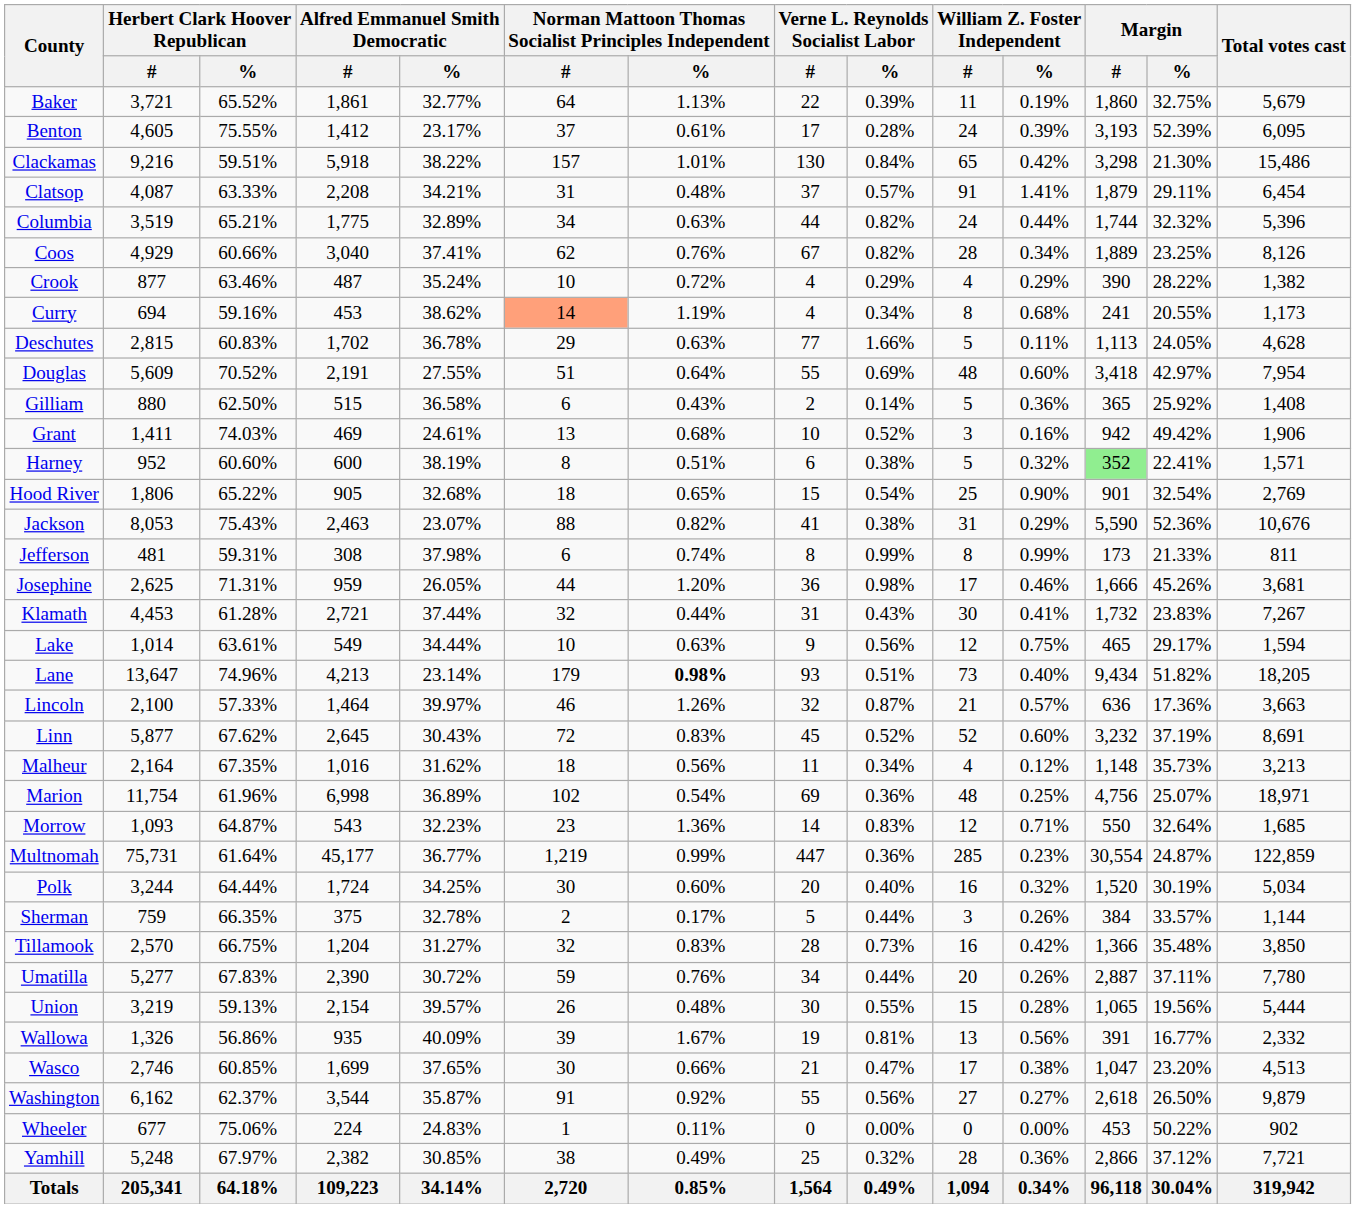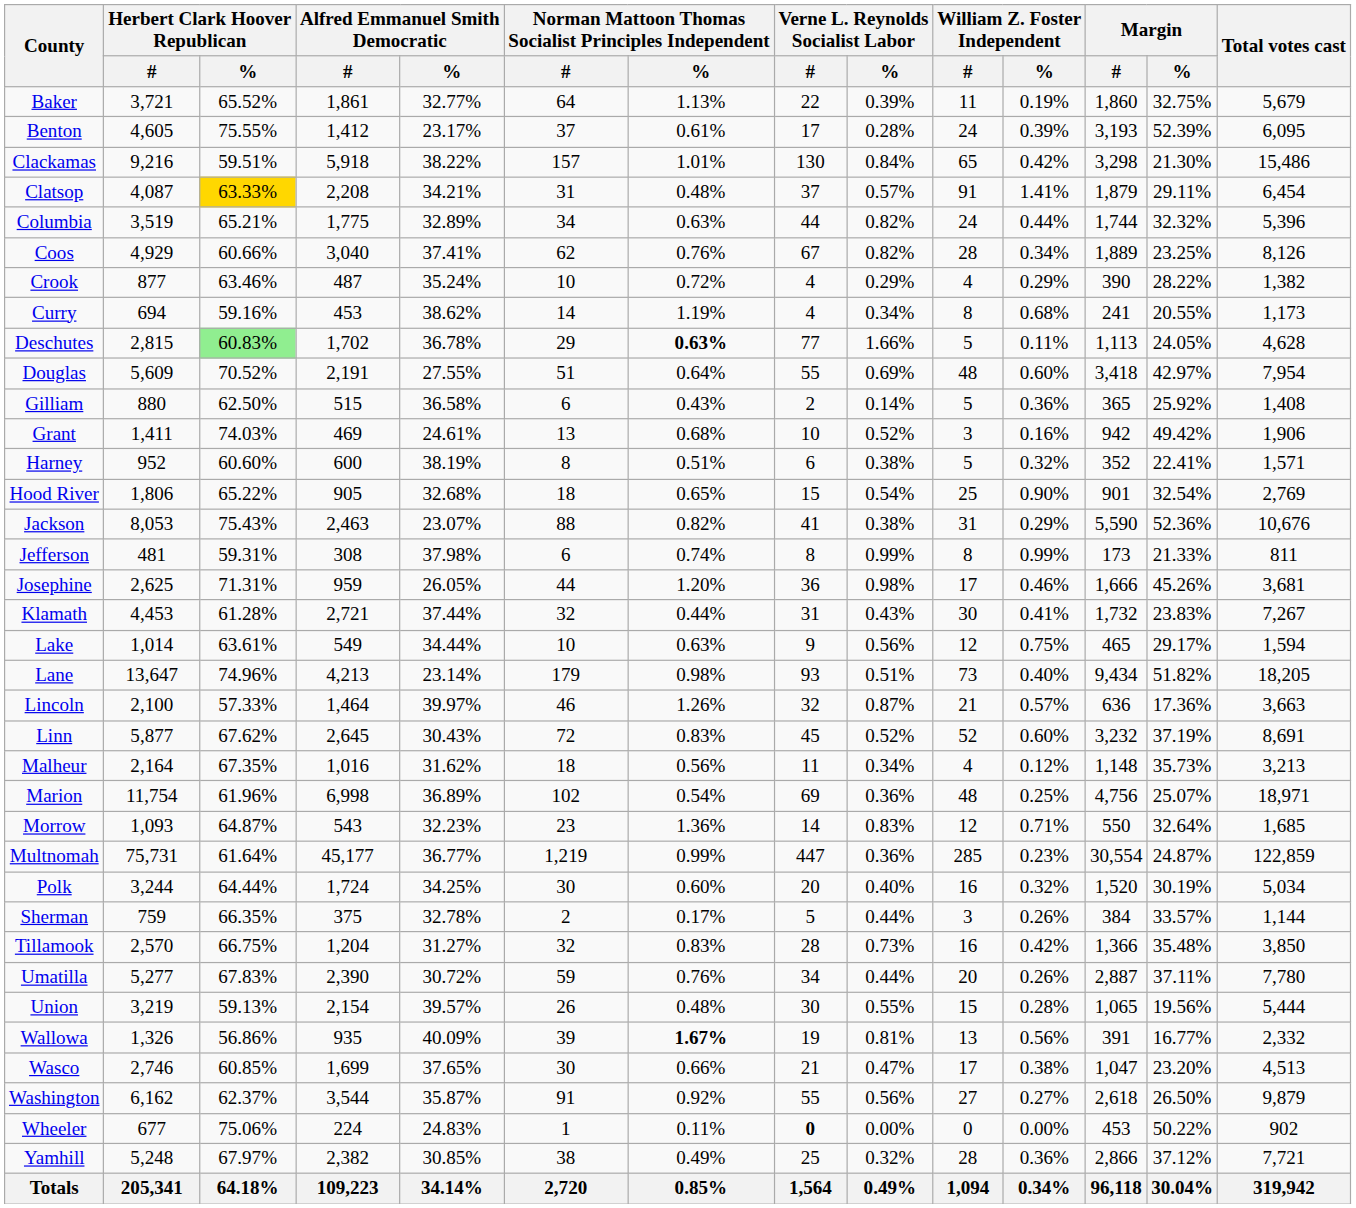 <table class="wikitable sortable">
 <tr>
 <th rowspan="2" style="text-align:center;">County</th>
 <th colspan="2" style="text-align:center;">Herbert Clark Hoover<br>Republican</th>
 <th colspan="2" style="text-align:center;">Alfred Emmanuel Smith<br>Democratic</th>
 <th colspan="2" style="text-align:center;">Norman Mattoon Thomas<br>Socialist Principles Independent</th>
 <th colspan="2" style="text-align:center;">Verne L. Reynolds<br>Socialist Labor</th>
 <th colspan="2" style="text-align:center;">William Z. Foster<br>Independent</th>
 <th colspan="2" style="text-align:center;">Margin</th>
 <th rowspan="2" style="text-align:center;">Total votes cast</th>
 </tr>
 <tr>
 <th style="text-align:center;" data-sort-type="number">#</th>
 <th style="text-align:center;" data-sort-type="number">%</th>
 <th style="text-align:center;" data-sort-type="number">#</th>
 <th style="text-align:center;" data-sort-type="number">%</th>
 <th style="text-align:center;" data-sort-type="number">#</th>
 <th style="text-align:center;" data-sort-type="number">%</th>
 <th style="text-align:center;" data-sort-type="number">#</th>
 <th style="text-align:center;" data-sort-type="number">%</th>
 <th style="text-align:center;" data-sort-type="number">#</th>
 <th style="text-align:center;" data-sort-type="number">%</th>
 <th style="text-align:center;" data-sort-type="number">#</th>
 <th style="text-align:center;" data-sort-type="number">%</th>
 </tr>
 <tr style="text-align:center;">
 <td><a href='#'>Baker</a></td>
 <td>3,721</td>
 <td>65.52%</td>
 <td>1,861</td>
 <td>32.77%</td>
 <td>64</td>
 <td>1.13%</td>
 <td>22</td>
 <td>0.39%</td>
 <td>11</td>
 <td>0.19%</td>
 <td>1,860</td>
 <td>32.75%</td>
 <td>5,679</td>
 </tr>
 <tr style="text-align:center;">
 <td><a href='#'>Benton</a></td>
 <td>4,605</td>
 <td>75.55%</td>
 <td>1,412</td>
 <td>23.17%</td>
 <td>37</td>
 <td>0.61%</td>
 <td>17</td>
 <td>0.28%</td>
 <td>24</td>
 <td>0.39%</td>
 <td>3,193</td>
 <td>52.39%</td>
 <td>6,095</td>
 </tr>
 <tr style="text-align:center;">
 <td><a href='#'>Clackamas</a></td>
 <td>9,216</td>
 <td>59.51%</td>
 <td>5,918</td>
 <td>38.22%</td>
 <td>157</td>
 <td>1.01%</td>
 <td>130</td>
 <td>0.84%</td>
 <td>65</td>
 <td>0.42%</td>
 <td>3,298</td>
 <td>21.30%</td>
 <td>15,486</td>
 </tr>
 <tr style="text-align:center;">
 <td><a href='#'>Clatsop</a></td>
 <td>4,087</td>
-<td>63.33%</td>
+<td style="background: gold;">63.33%</td>
 <td>2,208</td>
 <td>34.21%</td>
 <td>31</td>
 <td>0.48%</td>
 <td>37</td>
 <td>0.57%</td>
 <td>91</td>
 <td>1.41%</td>
 <td>1,879</td>
 <td>29.11%</td>
 <td>6,454</td>
 </tr>
 <tr style="text-align:center;">
 <td><a href='#'>Columbia</a></td>
 <td>3,519</td>
 <td>65.21%</td>
 <td>1,775</td>
 <td>32.89%</td>
 <td>34</td>
 <td>0.63%</td>
 <td>44</td>
 <td>0.82%</td>
 <td>24</td>
 <td>0.44%</td>
 <td>1,744</td>
 <td>32.32%</td>
 <td>5,396</td>
 </tr>
 <tr style="text-align:center;">
 <td><a href='#'>Coos</a></td>
 <td>4,929</td>
 <td>60.66%</td>
 <td>3,040</td>
 <td>37.41%</td>
 <td>62</td>
 <td>0.76%</td>
 <td>67</td>
 <td>0.82%</td>
 <td>28</td>
 <td>0.34%</td>
 <td>1,889</td>
 <td>23.25%</td>
 <td>8,126</td>
 </tr>
 <tr style="text-align:center;">
 <td><a href='#'>Crook</a></td>
 <td>877</td>
 <td>63.46%</td>
 <td>487</td>
 <td>35.24%</td>
 <td>10</td>
 <td>0.72%</td>
 <td>4</td>
 <td>0.29%</td>
 <td>4</td>
 <td>0.29%</td>
 <td>390</td>
 <td>28.22%</td>
 <td>1,382</td>
 </tr>
 <tr style="text-align:center;">
 <td><a href='#'>Curry</a></td>
 <td>694</td>
 <td>59.16%</td>
 <td>453</td>
 <td>38.62%</td>
-<td style="background: lightsalmon;">14</td>
+<td>14</td>
 <td>1.19%</td>
 <td>4</td>
 <td>0.34%</td>
 <td>8</td>
 <td>0.68%</td>
 <td>241</td>
 <td>20.55%</td>
 <td>1,173</td>
 </tr>
 <tr style="text-align:center;">
 <td><a href='#'>Deschutes</a></td>
 <td>2,815</td>
-<td>60.83%</td>
+<td style="background: lightgreen;">60.83%</td>
 <td>1,702</td>
 <td>36.78%</td>
 <td>29</td>
-<td>0.63%</td>
+<td><strong>0.63%</strong></td>
 <td>77</td>
 <td>1.66%</td>
 <td>5</td>
 <td>0.11%</td>
 <td>1,113</td>
 <td>24.05%</td>
 <td>4,628</td>
 </tr>
 <tr style="text-align:center;">
 <td><a href='#'>Douglas</a></td>
 <td>5,609</td>
 <td>70.52%</td>
 <td>2,191</td>
 <td>27.55%</td>
 <td>51</td>
 <td>0.64%</td>
 <td>55</td>
 <td>0.69%</td>
 <td>48</td>
 <td>0.60%</td>
 <td>3,418</td>
 <td>42.97%</td>
 <td>7,954</td>
 </tr>
 <tr style="text-align:center;">
 <td><a href='#'>Gilliam</a></td>
 <td>880</td>
 <td>62.50%</td>
 <td>515</td>
 <td>36.58%</td>
 <td>6</td>
 <td>0.43%</td>
 <td>2</td>
 <td>0.14%</td>
 <td>5</td>
 <td>0.36%</td>
 <td>365</td>
 <td>25.92%</td>
 <td>1,408</td>
 </tr>
 <tr style="text-align:center;">
 <td><a href='#'>Grant</a></td>
 <td>1,411</td>
 <td>74.03%</td>
 <td>469</td>
 <td>24.61%</td>
 <td>13</td>
 <td>0.68%</td>
 <td>10</td>
 <td>0.52%</td>
 <td>3</td>
 <td>0.16%</td>
 <td>942</td>
 <td>49.42%</td>
 <td>1,906</td>
 </tr>
 <tr style="text-align:center;">
 <td><a href='#'>Harney</a></td>
 <td>952</td>
 <td>60.60%</td>
 <td>600</td>
 <td>38.19%</td>
 <td>8</td>
 <td>0.51%</td>
 <td>6</td>
 <td>0.38%</td>
 <td>5</td>
 <td>0.32%</td>
-<td style="background: lightgreen;">352</td>
+<td>352</td>
 <td>22.41%</td>
 <td>1,571</td>
 </tr>
 <tr style="text-align:center;">
 <td><a href='#'>Hood River</a></td>
 <td>1,806</td>
 <td>65.22%</td>
 <td>905</td>
 <td>32.68%</td>
 <td>18</td>
 <td>0.65%</td>
 <td>15</td>
 <td>0.54%</td>
 <td>25</td>
 <td>0.90%</td>
 <td>901</td>
 <td>32.54%</td>
 <td>2,769</td>
 </tr>
 <tr style="text-align:center;">
 <td><a href='#'>Jackson</a></td>
 <td>8,053</td>
 <td>75.43%</td>
 <td>2,463</td>
 <td>23.07%</td>
 <td>88</td>
 <td>0.82%</td>
 <td>41</td>
 <td>0.38%</td>
 <td>31</td>
 <td>0.29%</td>
 <td>5,590</td>
 <td>52.36%</td>
 <td>10,676</td>
 </tr>
 <tr style="text-align:center;">
 <td><a href='#'>Jefferson</a></td>
 <td>481</td>
 <td>59.31%</td>
 <td>308</td>
 <td>37.98%</td>
 <td>6</td>
 <td>0.74%</td>
 <td>8</td>
 <td>0.99%</td>
 <td>8</td>
 <td>0.99%</td>
 <td>173</td>
 <td>21.33%</td>
 <td>811</td>
 </tr>
 <tr style="text-align:center;">
 <td><a href='#'>Josephine</a></td>
 <td>2,625</td>
 <td>71.31%</td>
 <td>959</td>
 <td>26.05%</td>
 <td>44</td>
 <td>1.20%</td>
 <td>36</td>
 <td>0.98%</td>
 <td>17</td>
 <td>0.46%</td>
 <td>1,666</td>
 <td>45.26%</td>
 <td>3,681</td>
 </tr>
 <tr style="text-align:center;">
 <td><a href='#'>Klamath</a></td>
 <td>4,453</td>
 <td>61.28%</td>
 <td>2,721</td>
 <td>37.44%</td>
 <td>32</td>
 <td>0.44%</td>
 <td>31</td>
 <td>0.43%</td>
 <td>30</td>
 <td>0.41%</td>
 <td>1,732</td>
 <td>23.83%</td>
 <td>7,267</td>
 </tr>
 <tr style="text-align:center;">
 <td><a href='#'>Lake</a></td>
 <td>1,014</td>
 <td>63.61%</td>
 <td>549</td>
 <td>34.44%</td>
 <td>10</td>
 <td>0.63%</td>
 <td>9</td>
 <td>0.56%</td>
 <td>12</td>
 <td>0.75%</td>
 <td>465</td>
 <td>29.17%</td>
 <td>1,594</td>
 </tr>
 <tr style="text-align:center;">
 <td><a href='#'>Lane</a></td>
 <td>13,647</td>
 <td>74.96%</td>
 <td>4,213</td>
 <td>23.14%</td>
 <td>179</td>
-<td><strong>0.98%</strong></td>
+<td>0.98%</td>
 <td>93</td>
 <td>0.51%</td>
 <td>73</td>
 <td>0.40%</td>
 <td>9,434</td>
 <td>51.82%</td>
 <td>18,205</td>
 </tr>
 <tr style="text-align:center;">
 <td><a href='#'>Lincoln</a></td>
 <td>2,100</td>
 <td>57.33%</td>
 <td>1,464</td>
 <td>39.97%</td>
 <td>46</td>
 <td>1.26%</td>
 <td>32</td>
 <td>0.87%</td>
 <td>21</td>
 <td>0.57%</td>
 <td>636</td>
 <td>17.36%</td>
 <td>3,663</td>
 </tr>
 <tr style="text-align:center;">
 <td><a href='#'>Linn</a></td>
 <td>5,877</td>
 <td>67.62%</td>
 <td>2,645</td>
 <td>30.43%</td>
 <td>72</td>
 <td>0.83%</td>
 <td>45</td>
 <td>0.52%</td>
 <td>52</td>
 <td>0.60%</td>
 <td>3,232</td>
 <td>37.19%</td>
 <td>8,691</td>
 </tr>
 <tr style="text-align:center;">
 <td><a href='#'>Malheur</a></td>
 <td>2,164</td>
 <td>67.35%</td>
 <td>1,016</td>
 <td>31.62%</td>
 <td>18</td>
 <td>0.56%</td>
 <td>11</td>
 <td>0.34%</td>
 <td>4</td>
 <td>0.12%</td>
 <td>1,148</td>
 <td>35.73%</td>
 <td>3,213</td>
 </tr>
 <tr style="text-align:center;">
 <td><a href='#'>Marion</a></td>
 <td>11,754</td>
 <td>61.96%</td>
 <td>6,998</td>
 <td>36.89%</td>
 <td>102</td>
 <td>0.54%</td>
 <td>69</td>
 <td>0.36%</td>
 <td>48</td>
 <td>0.25%</td>
 <td>4,756</td>
 <td>25.07%</td>
 <td>18,971</td>
 </tr>
 <tr style="text-align:center;">
 <td><a href='#'>Morrow</a></td>
 <td>1,093</td>
 <td>64.87%</td>
 <td>543</td>
 <td>32.23%</td>
 <td>23</td>
 <td>1.36%</td>
 <td>14</td>
 <td>0.83%</td>
 <td>12</td>
 <td>0.71%</td>
 <td>550</td>
 <td>32.64%</td>
 <td>1,685</td>
 </tr>
 <tr style="text-align:center;">
 <td><a href='#'>Multnomah</a></td>
 <td>75,731</td>
 <td>61.64%</td>
 <td>45,177</td>
 <td>36.77%</td>
 <td>1,219</td>
 <td>0.99%</td>
 <td>447</td>
 <td>0.36%</td>
 <td>285</td>
 <td>0.23%</td>
 <td>30,554</td>
 <td>24.87%</td>
 <td>122,859</td>
 </tr>
 <tr style="text-align:center;">
 <td><a href='#'>Polk</a></td>
 <td>3,244</td>
 <td>64.44%</td>
 <td>1,724</td>
 <td>34.25%</td>
 <td>30</td>
 <td>0.60%</td>
 <td>20</td>
 <td>0.40%</td>
 <td>16</td>
 <td>0.32%</td>
 <td>1,520</td>
 <td>30.19%</td>
 <td>5,034</td>
 </tr>
 <tr style="text-align:center;">
 <td><a href='#'>Sherman</a></td>
 <td>759</td>
 <td>66.35%</td>
 <td>375</td>
 <td>32.78%</td>
 <td>2</td>
 <td>0.17%</td>
 <td>5</td>
 <td>0.44%</td>
 <td>3</td>
 <td>0.26%</td>
 <td>384</td>
 <td>33.57%</td>
 <td>1,144</td>
 </tr>
 <tr style="text-align:center;">
 <td><a href='#'>Tillamook</a></td>
 <td>2,570</td>
 <td>66.75%</td>
 <td>1,204</td>
 <td>31.27%</td>
 <td>32</td>
 <td>0.83%</td>
 <td>28</td>
 <td>0.73%</td>
 <td>16</td>
 <td>0.42%</td>
 <td>1,366</td>
 <td>35.48%</td>
 <td>3,850</td>
 </tr>
 <tr style="text-align:center;">
 <td><a href='#'>Umatilla</a></td>
 <td>5,277</td>
 <td>67.83%</td>
 <td>2,390</td>
 <td>30.72%</td>
 <td>59</td>
 <td>0.76%</td>
 <td>34</td>
 <td>0.44%</td>
 <td>20</td>
 <td>0.26%</td>
 <td>2,887</td>
 <td>37.11%</td>
 <td>7,780</td>
 </tr>
 <tr style="text-align:center;">
 <td><a href='#'>Union</a></td>
 <td>3,219</td>
 <td>59.13%</td>
 <td>2,154</td>
 <td>39.57%</td>
 <td>26</td>
 <td>0.48%</td>
 <td>30</td>
 <td>0.55%</td>
 <td>15</td>
 <td>0.28%</td>
 <td>1,065</td>
 <td>19.56%</td>
 <td>5,444</td>
 </tr>
 <tr style="text-align:center;">
 <td><a href='#'>Wallowa</a></td>
 <td>1,326</td>
 <td>56.86%</td>
 <td>935</td>
 <td>40.09%</td>
 <td>39</td>
-<td>1.67%</td>
+<td><strong>1.67%</strong></td>
 <td>19</td>
 <td>0.81%</td>
 <td>13</td>
 <td>0.56%</td>
 <td>391</td>
 <td>16.77%</td>
 <td>2,332</td>
 </tr>
 <tr style="text-align:center;">
 <td><a href='#'>Wasco</a></td>
 <td>2,746</td>
 <td>60.85%</td>
 <td>1,699</td>
 <td>37.65%</td>
 <td>30</td>
 <td>0.66%</td>
 <td>21</td>
 <td>0.47%</td>
 <td>17</td>
 <td>0.38%</td>
 <td>1,047</td>
 <td>23.20%</td>
 <td>4,513</td>
 </tr>
 <tr style="text-align:center;">
 <td><a href='#'>Washington</a></td>
 <td>6,162</td>
 <td>62.37%</td>
 <td>3,544</td>
 <td>35.87%</td>
 <td>91</td>
 <td>0.92%</td>
 <td>55</td>
 <td>0.56%</td>
 <td>27</td>
 <td>0.27%</td>
 <td>2,618</td>
 <td>26.50%</td>
 <td>9,879</td>
 </tr>
 <tr style="text-align:center;">
 <td><a href='#'>Wheeler</a></td>
 <td>677</td>
 <td>75.06%</td>
 <td>224</td>
 <td>24.83%</td>
 <td>1</td>
 <td>0.11%</td>
-<td>0</td>
+<td><strong>0</strong></td>
 <td>0.00%</td>
 <td>0</td>
 <td>0.00%</td>
 <td>453</td>
 <td>50.22%</td>
 <td>902</td>
 </tr>
 <tr style="text-align:center;">
 <td><a href='#'>Yamhill</a></td>
 <td>5,248</td>
 <td>67.97%</td>
 <td>2,382</td>
 <td>30.85%</td>
 <td>38</td>
 <td>0.49%</td>
 <td>25</td>
 <td>0.32%</td>
 <td>28</td>
 <td>0.36%</td>
 <td>2,866</td>
 <td>37.12%</td>
 <td>7,721</td>
 </tr>
 <tr style="text-align:center;">
 <th>Totals</th>
 <th>205,341</th>
 <th>64.18%</th>
 <th>109,223</th>
 <th>34.14%</th>
 <th>2,720</th>
 <th>0.85%</th>
 <th>1,564</th>
 <th>0.49%</th>
 <th>1,094</th>
 <th>0.34%</th>
 <th>96,118</th>
 <th>30.04%</th>
 <th>319,942</th>
 </tr>
 </table>
